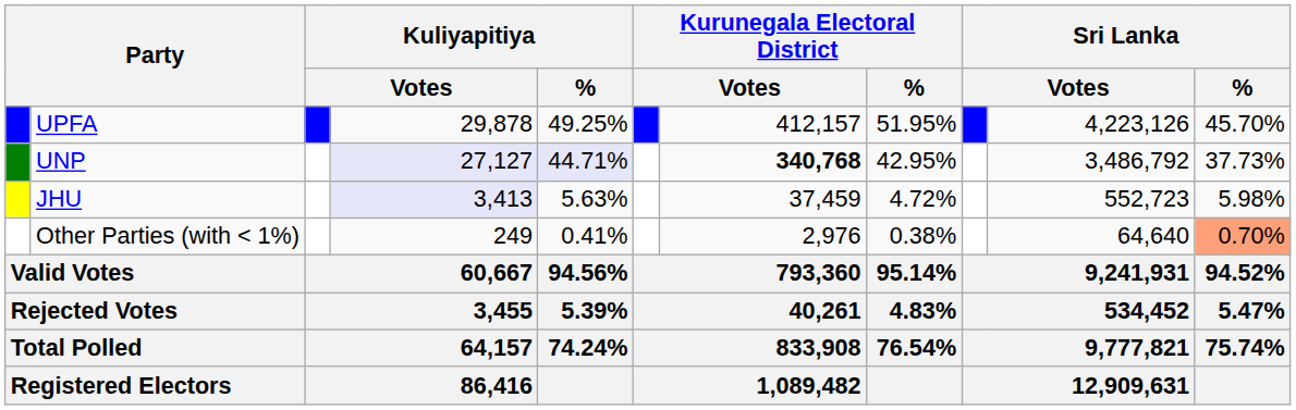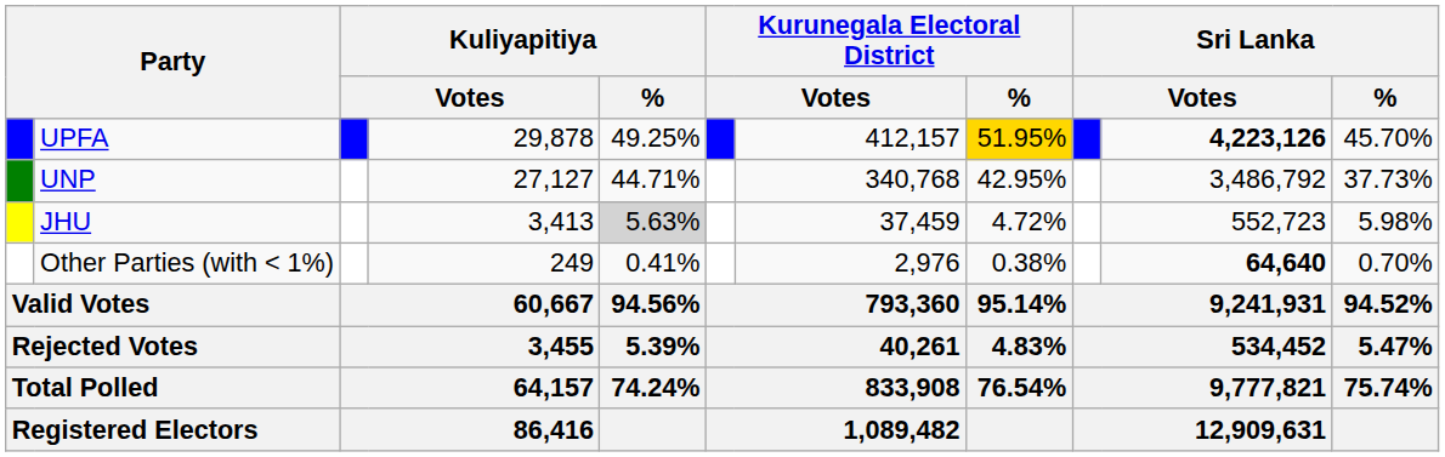 <table class="wikitable">
 <tr>
 <th colspan="2" width="144px"rowspan="2">Party</th>
 <th colspan="3" width="216px">Kuliyapitiya</th>
 <th colspan="3" width="216px"><a href='#'>Kurunegala Electoral District</a></th>
 <th colspan="3" width="216px">Sri Lanka</th>
 </tr>
 <tr>
 <th colspan="2" width="144px">Votes</th>
 <th>%</th>
 <th colspan="2" width="144px">Votes</th>
 <th>%</th>
 <th colspan="2" width="144px">Votes</th>
 <th>%</th>
 </tr>
 <tr>
 <td style="background-color:blue;" width="10px"></td>
 <td style="text-align:left;"><a href='#'>UPFA</a></td>
 <td style="background-color:blue;" width="10px"></td>
 <td style="text-align:right;">29,878</td>
 <td style="text-align:right;">49.25%</td>
 <td style="background-color:blue;" width="10px"></td>
 <td style="text-align:right;">412,157</td>
-<td style="text-align:right;">51.95%</td>
+<td style="background: gold; text-align:right;">51.95%</td>
 <td style="background-color:blue;" width="10px"></td>
-<td style="text-align:right;">4,223,126</td>
+<td style="text-align:right;"><strong>4,223,126</strong></td>
 <td style="text-align:right;">45.70%</td>
 </tr>
 <tr>
 <td style="background-color:green;" width="10px"></td>
 <td style="text-align:left;"><a href='#'>UNP</a></td>
 <td style="background-color:white;" width="10px"></td>
-<td style="background: lavender; text-align:right;">27,127</td>
-<td style="background: lavender; text-align:right;">44.71%</td>
+<td style="text-align:right;">27,127</td>
+<td style="text-align:right;">44.71%</td>
 <td style="background-color:white;" width="10px"></td>
-<td style="text-align:right;"><strong>340,768</strong></td>
+<td style="text-align:right;">340,768</td>
 <td style="text-align:right;">42.95%</td>
 <td style="background-color:white;" width="10px"></td>
 <td style="text-align:right;">3,486,792</td>
 <td style="text-align:right;">37.73%</td>
 </tr>
 <tr>
 <td style="background-color:yellow;" width="10px"></td>
 <td style="text-align:left;"><a href='#'>JHU</a></td>
 <td style="background-color:white;" width="10px"></td>
-<td style="background: lavender; text-align:right;">3,413</td>
-<td style="text-align:right;">5.63%</td>
+<td style="text-align:right;">3,413</td>
+<td style="background: lightgrey; text-align:right;">5.63%</td>
 <td style="background-color:white;" width="10px"></td>
 <td style="text-align:right;">37,459</td>
 <td style="text-align:right;">4.72%</td>
 <td style="background-color:white;" width="10px"></td>
 <td style="text-align:right;">552,723</td>
 <td style="text-align:right;">5.98%</td>
 </tr>
 <tr>
 <td style="background-color:white;" width="10px"></td>
 <td style="text-align:left;">Other Parties (with < 1%)</td>
 <td style="background-color:white;" width="10px"></td>
 <td style="text-align:right;">249</td>
 <td style="text-align:right;">0.41%</td>
 <td style="background-color:white;" width="10px"></td>
 <td style="text-align:right;">2,976</td>
 <td style="text-align:right;">0.38%</td>
 <td style="background-color:white;" width="10px"></td>
-<td style="text-align:right;">64,640</td>
-<td style="background: lightsalmon; text-align:right;">0.70%</td>
+<td style="text-align:right;"><strong>64,640</strong></td>
+<td style="text-align:right;">0.70%</td>
 </tr>
 <tr>
 <th colspan="2" width="144px"style="text-align:left;">Valid Votes</th>
 <th style="text-align:right;"colspan="2" width="144px">60,667</th>
 <th style="text-align:right;">94.56%</th>
 <th style="text-align:right;"colspan="2" width="144px">793,360</th>
 <th style="text-align:right;">95.14%</th>
 <th style="text-align:right;"colspan="2" width="144px">9,241,931</th>
 <th style="text-align:right;">94.52%</th>
 </tr>
 <tr>
 <th colspan="2" width="144px"style="text-align:left;">Rejected Votes</th>
 <th style="text-align:right;"colspan="2" width="144px">3,455</th>
 <th style="text-align:right;">5.39%</th>
 <th style="text-align:right;"colspan="2" width="144px">40,261</th>
 <th style="text-align:right;">4.83%</th>
 <th style="text-align:right;"colspan="2" width="144px">534,452</th>
 <th style="text-align:right;">5.47%</th>
 </tr>
 <tr>
 <th colspan="2" width="144px"style="text-align:left;">Total Polled</th>
 <th style="text-align:right;"colspan="2" width="144px">64,157</th>
 <th style="text-align:right;">74.24%</th>
 <th style="text-align:right;"colspan="2" width="144px">833,908</th>
 <th style="text-align:right;">76.54%</th>
 <th style="text-align:right;"colspan="2" width="144px">9,777,821</th>
 <th style="text-align:right;">75.74%</th>
 </tr>
 <tr>
 <th colspan="2" width="144px"style="text-align:left;">Registered Electors</th>
 <th style="text-align:right;"colspan="2" width="144px">86,416</th>
 <th></th>
 <th style="text-align:right;"colspan="2" width="144px">1,089,482</th>
 <th></th>
 <th style="text-align:right;"colspan="2" width="144px">12,909,631</th>
 <th></th>
 </tr>
 </table>
